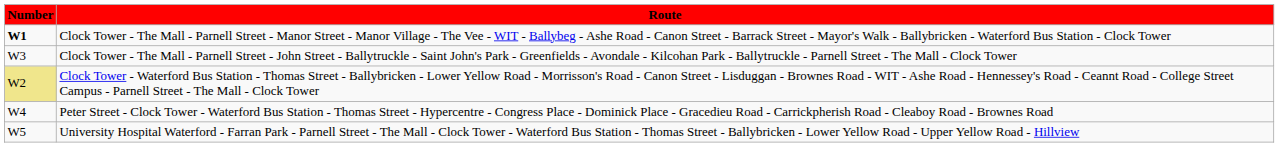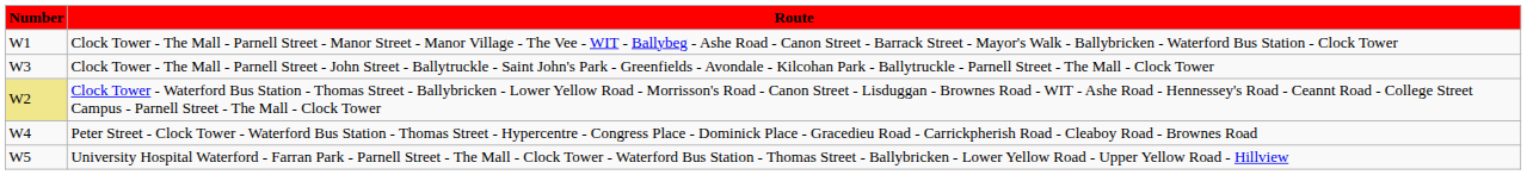 <table class="wikitable">
 <tr>
 <th style="background:red;"><span> Number</span></th>
 <th style="background:red;"><span> Route</span></th>
 </tr>
 <tr>
-<td><strong>W1</strong></td>
+<td>W1</td>
 <td>Clock Tower - The Mall - Parnell Street - Manor Street - Manor Village - The Vee - <a href='#'>WIT</a> - <a href='#'>Ballybeg</a> - Ashe Road - Canon Street - Barrack Street - Mayor's Walk - Ballybricken - Waterford Bus Station - Clock Tower</td>
 </tr>
 <tr>
 <td>W3</td>
 <td>Clock Tower - The Mall - Parnell Street - John Street - Ballytruckle - Saint John's Park - Greenfields - Avondale - Kilcohan Park - Ballytruckle - Parnell Street - The Mall - Clock Tower</td>
 </tr>
 <tr>
 <td style="background: khaki;">W2</td>
 <td><a href='#'>Clock Tower</a> - Waterford Bus Station - Thomas Street - Ballybricken - Lower Yellow Road - Morrisson's Road - Canon Street - Lisduggan -  Brownes Road - WIT - Ashe Road - Hennessey's Road - Ceannt Road - College Street Campus - Parnell Street - The Mall - Clock Tower</td>
 </tr>
 <tr>
 <td>W4</td>
 <td>Peter Street - Clock Tower - Waterford Bus Station - Thomas Street - Hypercentre - Congress Place - Dominick Place - Gracedieu Road - Carrickpherish Road - Cleaboy Road - Brownes Road</td>
 </tr>
 <tr>
 <td>W5</td>
 <td>University Hospital Waterford - Farran Park - Parnell Street - The Mall - Clock Tower - Waterford Bus Station - Thomas Street - Ballybricken - Lower Yellow Road - Upper Yellow Road - <a href='#'>Hillview</a></td>
 </tr>
 </table>
